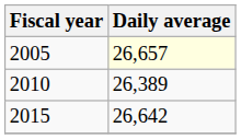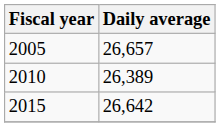 <table class="wikitable">
 <tr>
 <th>Fiscal year</th>
 <th>Daily average</th>
 </tr>
 <tr>
 <td>2005</td>
-<td style="background: lightyellow;">26,657</td>
+<td>26,657</td>
 </tr>
 <tr>
 <td>2010</td>
 <td>26,389</td>
 </tr>
 <tr>
 <td>2015</td>
 <td>26,642</td>
 </tr>
 <tr>
 </tr>
 </table>
